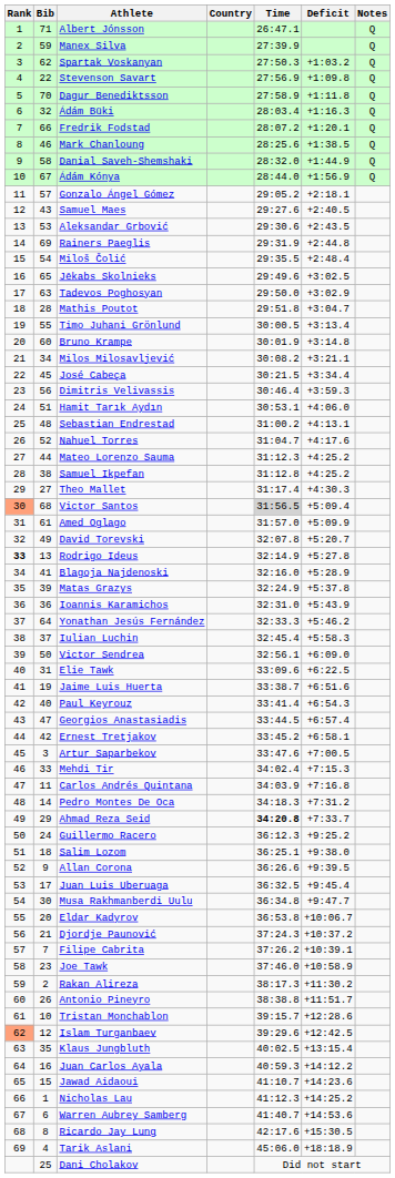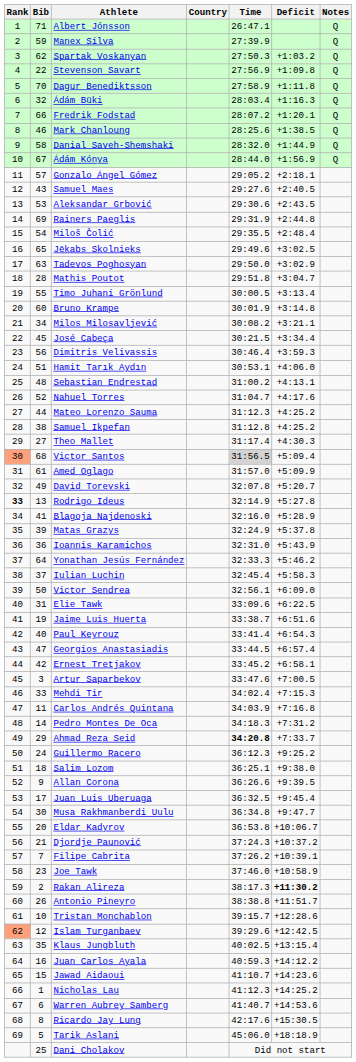 <table class="wikitable sortable" style="text-align:center">
 <tr>
 <th>Rank</th>
 <th>Bib</th>
 <th>Athlete</th>
 <th>Country</th>
 <th>Time</th>
 <th>Deficit</th>
 <th>Notes</th>
 </tr>
 <tr bgcolor=ccffcc>
 <td>1</td>
 <td>71</td>
 <td align=left><a href='#'>Albert Jónsson</a></td>
 <td align=left></td>
 <td>26:47.1</td>
 <td></td>
 <td>Q</td>
 </tr>
 <tr bgcolor=ccffcc>
 <td>2</td>
 <td>59</td>
 <td align=left><a href='#'>Manex Silva</a></td>
 <td align=left></td>
 <td>27:39.9</td>
 <td></td>
 <td>Q</td>
 </tr>
 <tr bgcolor=ccffcc>
 <td>3</td>
 <td>62</td>
 <td align=left><a href='#'>Spartak Voskanyan</a></td>
 <td align=left></td>
 <td>27:50.3</td>
 <td>+1:03.2</td>
 <td>Q</td>
 </tr>
 <tr bgcolor=ccffcc>
 <td>4</td>
 <td>22</td>
 <td align=left><a href='#'>Stevenson Savart</a></td>
 <td align=left></td>
 <td>27:56.9</td>
 <td>+1:09.8</td>
 <td>Q</td>
 </tr>
 <tr bgcolor=ccffcc>
 <td>5</td>
 <td>70</td>
 <td align=left><a href='#'>Dagur Benediktsson</a></td>
 <td align=left></td>
 <td>27:58.9</td>
 <td>+1:11.8</td>
 <td>Q</td>
 </tr>
 <tr bgcolor=ccffcc>
 <td>6</td>
 <td>32</td>
 <td align=left><a href='#'>Ádám Büki</a></td>
 <td align=left></td>
 <td>28:03.4</td>
 <td>+1:16.3</td>
 <td>Q</td>
 </tr>
 <tr bgcolor=ccffcc>
 <td>7</td>
 <td>66</td>
 <td align=left><a href='#'>Fredrik Fodstad</a></td>
 <td align=left></td>
 <td>28:07.2</td>
 <td>+1:20.1</td>
 <td>Q</td>
 </tr>
 <tr bgcolor=ccffcc>
 <td>8</td>
 <td>46</td>
 <td align=left><a href='#'>Mark Chanloung</a></td>
 <td align=left></td>
 <td>28:25.6</td>
 <td>+1:38.5</td>
 <td>Q</td>
 </tr>
 <tr bgcolor=ccffcc>
 <td>9</td>
 <td>58</td>
 <td align=left><a href='#'>Danial Saveh-Shemshaki</a></td>
 <td align=left></td>
 <td>28:32.0</td>
 <td>+1:44.9</td>
 <td>Q</td>
 </tr>
 <tr bgcolor=ccffcc>
 <td>10</td>
 <td>67</td>
 <td align=left><a href='#'>Ádám Kónya</a></td>
 <td align=left></td>
 <td>28:44.0</td>
 <td>+1:56.9</td>
 <td>Q</td>
 </tr>
 <tr>
 <td>11</td>
 <td>57</td>
 <td align=left><a href='#'>Gonzalo Ángel Gómez</a></td>
 <td align=left></td>
 <td>29:05.2</td>
 <td>+2:18.1</td>
 <td></td>
 </tr>
 <tr>
 <td>12</td>
 <td>43</td>
 <td align=left><a href='#'>Samuel Maes</a></td>
 <td align=left></td>
 <td>29:27.6</td>
 <td>+2:40.5</td>
 <td></td>
 </tr>
 <tr>
 <td>13</td>
 <td>53</td>
 <td align=left><a href='#'>Aleksandar Grbović</a></td>
 <td align=left></td>
 <td>29:30.6</td>
 <td>+2:43.5</td>
 <td></td>
 </tr>
 <tr>
 <td>14</td>
 <td>69</td>
 <td align=left><a href='#'>Rainers Paeglis</a></td>
 <td align=left></td>
 <td>29:31.9</td>
 <td>+2:44.8</td>
 <td></td>
 </tr>
 <tr>
 <td>15</td>
 <td>54</td>
 <td align=left><a href='#'>Miloš Čolić</a></td>
 <td align=left></td>
 <td>29:35.5</td>
 <td>+2:48.4</td>
 <td></td>
 </tr>
 <tr>
 <td>16</td>
 <td>65</td>
 <td align=left><a href='#'>Jēkabs Skolnieks</a></td>
 <td align=left></td>
 <td>29:49.6</td>
 <td>+3:02.5</td>
 <td></td>
 </tr>
 <tr>
 <td>17</td>
 <td>63</td>
 <td align=left><a href='#'>Tadevos Poghosyan</a></td>
 <td align=left></td>
 <td>29:50.0</td>
 <td>+3:02.9</td>
 <td></td>
 </tr>
 <tr>
 <td>18</td>
 <td>28</td>
 <td align=left><a href='#'>Mathis Poutot</a></td>
 <td align=left></td>
 <td>29:51.8</td>
 <td>+3:04.7</td>
 <td></td>
 </tr>
 <tr>
 <td>19</td>
 <td>55</td>
 <td align=left><a href='#'>Timo Juhani Grönlund</a></td>
 <td align=left></td>
 <td>30:00.5</td>
 <td>+3:13.4</td>
 <td></td>
 </tr>
 <tr>
 <td>20</td>
 <td>60</td>
 <td align=left><a href='#'>Bruno Krampe</a></td>
 <td align=left></td>
 <td>30:01.9</td>
 <td>+3:14.8</td>
 <td></td>
 </tr>
 <tr>
 <td>21</td>
 <td>34</td>
 <td align=left><a href='#'>Milos Milosavljević</a></td>
 <td align=left></td>
 <td>30:08.2</td>
 <td>+3:21.1</td>
 <td></td>
 </tr>
 <tr>
 <td>22</td>
 <td>45</td>
 <td align=left><a href='#'>José Cabeça</a></td>
 <td align=left></td>
 <td>30:21.5</td>
 <td>+3:34.4</td>
 <td></td>
 </tr>
 <tr>
 <td>23</td>
 <td>56</td>
 <td align=left><a href='#'>Dimitris Velivassis</a></td>
 <td align=left></td>
 <td>30:46.4</td>
 <td>+3:59.3</td>
 <td></td>
 </tr>
 <tr>
 <td>24</td>
 <td>51</td>
 <td align=left><a href='#'>Hamit Tarık Aydın</a></td>
 <td align=left></td>
 <td>30:53.1</td>
 <td>+4:06.0</td>
 <td></td>
 </tr>
 <tr>
 <td>25</td>
 <td>48</td>
 <td align=left><a href='#'>Sebastian Endrestad</a></td>
 <td align=left></td>
 <td>31:00.2</td>
 <td>+4:13.1</td>
 <td></td>
 </tr>
 <tr>
 <td>26</td>
 <td>52</td>
 <td align=left><a href='#'>Nahuel Torres</a></td>
 <td align=left></td>
 <td>31:04.7</td>
 <td>+4:17.6</td>
 <td></td>
 </tr>
 <tr>
 <td>27</td>
 <td>44</td>
 <td align=left><a href='#'>Mateo Lorenzo Sauma</a></td>
 <td align=left></td>
 <td>31:12.3</td>
 <td>+4:25.2</td>
 <td></td>
 </tr>
 <tr>
 <td>28</td>
 <td>38</td>
 <td align=left><a href='#'>Samuel Ikpefan</a></td>
 <td align=left></td>
 <td>31:12.8</td>
 <td>+4:25.2</td>
 <td></td>
 </tr>
 <tr>
 <td>29</td>
 <td>27</td>
 <td align=left><a href='#'>Theo Mallet</a></td>
 <td align=left></td>
 <td>31:17.4</td>
 <td>+4:30.3</td>
 <td></td>
 </tr>
 <tr>
 <td style="background: lightsalmon;">30</td>
 <td>68</td>
 <td align=left><a href='#'>Victor Santos</a></td>
 <td align=left></td>
 <td style="background: lightgrey;">31:56.5</td>
 <td>+5:09.4</td>
 <td></td>
 </tr>
 <tr>
 <td>31</td>
 <td>61</td>
 <td align=left><a href='#'>Amed Oglago</a></td>
 <td align=left></td>
 <td>31:57.0</td>
 <td>+5:09.9</td>
 <td></td>
 </tr>
 <tr>
 <td>32</td>
 <td>49</td>
 <td align=left><a href='#'>David Torevski</a></td>
 <td align=left></td>
 <td>32:07.8</td>
 <td>+5:20.7</td>
 <td></td>
 </tr>
 <tr>
 <td><strong>33</strong></td>
 <td>13</td>
 <td align=left><a href='#'>Rodrigo Ideus</a></td>
 <td align=left></td>
 <td>32:14.9</td>
 <td>+5:27.8</td>
 <td></td>
 </tr>
 <tr>
 <td>34</td>
 <td>41</td>
 <td align=left><a href='#'>Blagoja Najdenoski</a></td>
 <td align=left></td>
 <td>32:16.0</td>
 <td>+5:28.9</td>
 <td></td>
 </tr>
 <tr>
 <td>35</td>
 <td>39</td>
 <td align=left><a href='#'>Matas Grazys</a></td>
 <td align=left></td>
 <td>32:24.9</td>
 <td>+5:37.8</td>
 <td></td>
 </tr>
 <tr>
 <td>36</td>
 <td>36</td>
 <td align=left><a href='#'>Ioannis Karamichos</a></td>
 <td align=left></td>
 <td>32:31.0</td>
 <td>+5:43.9</td>
 <td></td>
 </tr>
 <tr>
 <td>37</td>
 <td>64</td>
 <td align=left><a href='#'>Yonathan Jesús Fernández</a></td>
 <td align=left></td>
 <td>32:33.3</td>
 <td>+5:46.2</td>
 <td></td>
 </tr>
 <tr>
 <td>38</td>
 <td>37</td>
 <td align=left><a href='#'>Iulian Luchin</a></td>
 <td align=left></td>
 <td>32:45.4</td>
 <td>+5:58.3</td>
 <td></td>
 </tr>
 <tr>
 <td>39</td>
 <td>50</td>
 <td align=left><a href='#'>Victor Sendrea</a></td>
 <td align=left></td>
 <td>32:56.1</td>
 <td>+6:09.0</td>
 <td></td>
 </tr>
 <tr>
 <td>40</td>
 <td>31</td>
 <td align=left><a href='#'>Elie Tawk</a></td>
 <td align=left></td>
 <td>33:09.6</td>
 <td>+6:22.5</td>
 <td></td>
 </tr>
 <tr>
 <td>41</td>
 <td>19</td>
 <td align=left><a href='#'>Jaime Luis Huerta</a></td>
 <td align=left></td>
 <td>33:38.7</td>
 <td>+6:51.6</td>
 <td></td>
 </tr>
 <tr>
 <td>42</td>
 <td>40</td>
 <td align=left><a href='#'>Paul Keyrouz</a></td>
 <td align=left></td>
 <td>33:41.4</td>
 <td>+6:54.3</td>
 <td></td>
 </tr>
 <tr>
 <td>43</td>
 <td>47</td>
 <td align=left><a href='#'>Georgios Anastasiadis</a></td>
 <td align=left></td>
 <td>33:44.5</td>
 <td>+6:57.4</td>
 <td></td>
 </tr>
 <tr>
 <td>44</td>
 <td>42</td>
 <td align=left><a href='#'>Ernest Tretjakov</a></td>
 <td align=left></td>
 <td>33:45.2</td>
 <td>+6:58.1</td>
 <td></td>
 </tr>
 <tr>
 <td>45</td>
 <td>3</td>
 <td align=left><a href='#'>Artur Saparbekov</a></td>
 <td align=left></td>
 <td>33:47.6</td>
 <td>+7:00.5</td>
 <td></td>
 </tr>
 <tr>
 <td>46</td>
 <td>33</td>
 <td align=left><a href='#'>Mehdi Tir</a></td>
 <td align=left></td>
 <td>34:02.4</td>
 <td>+7:15.3</td>
 <td></td>
 </tr>
 <tr>
 <td>47</td>
 <td>11</td>
 <td align=left><a href='#'>Carlos Andrés Quintana</a></td>
 <td align=left></td>
 <td>34:03.9</td>
 <td>+7:16.8</td>
 <td></td>
 </tr>
 <tr>
 <td>48</td>
 <td>14</td>
 <td align=left><a href='#'>Pedro Montes De Oca</a></td>
 <td align=left></td>
 <td>34:18.3</td>
 <td>+7:31.2</td>
 <td></td>
 </tr>
 <tr>
 <td>49</td>
 <td>29</td>
 <td align=left><a href='#'>Ahmad Reza Seid</a></td>
 <td align=left></td>
 <td><strong>34:20.8</strong></td>
 <td>+7:33.7</td>
 <td></td>
 </tr>
 <tr>
 <td>50</td>
 <td>24</td>
 <td align=left><a href='#'>Guillermo Racero</a></td>
 <td align=left></td>
 <td>36:12.3</td>
 <td>+9:25.2</td>
 <td></td>
 </tr>
 <tr>
 <td>51</td>
 <td>18</td>
 <td align=left><a href='#'>Salim Lozom</a></td>
 <td align=left></td>
 <td>36:25.1</td>
 <td>+9:38.0</td>
 <td></td>
 </tr>
 <tr>
 <td>52</td>
 <td>9</td>
 <td align=left><a href='#'>Allan Corona</a></td>
 <td align=left></td>
 <td>36:26.6</td>
 <td>+9:39.5</td>
 <td></td>
 </tr>
 <tr>
 <td>53</td>
 <td>17</td>
 <td align=left><a href='#'>Juan Luis Uberuaga</a></td>
 <td align=left></td>
 <td>36:32.5</td>
 <td>+9:45.4</td>
 <td></td>
 </tr>
 <tr>
 <td>54</td>
 <td>30</td>
 <td align=left><a href='#'>Musa Rakhmanberdi Uulu</a></td>
 <td align=left></td>
 <td>36:34.8</td>
 <td>+9:47.7</td>
 <td></td>
 </tr>
 <tr>
 <td>55</td>
 <td>20</td>
 <td align=left><a href='#'>Eldar Kadyrov</a></td>
 <td align=left></td>
 <td>36:53.8</td>
 <td>+10:06.7</td>
 <td></td>
 </tr>
 <tr>
 <td>56</td>
 <td>21</td>
 <td align=left><a href='#'>Djordje Paunović</a></td>
 <td align=left></td>
 <td>37:24.3</td>
 <td>+10:37.2</td>
 <td></td>
 </tr>
 <tr>
 <td>57</td>
 <td>7</td>
 <td align=left><a href='#'>Filipe Cabrita</a></td>
 <td align=left></td>
 <td>37:26.2</td>
 <td>+10:39.1</td>
 <td></td>
 </tr>
 <tr>
 <td>58</td>
 <td>23</td>
 <td align=left><a href='#'>Joe Tawk</a></td>
 <td align=left></td>
 <td>37:46.0</td>
 <td>+10:58.9</td>
 <td></td>
 </tr>
 <tr>
 <td>59</td>
 <td>2</td>
 <td align=left><a href='#'>Rakan Alireza</a></td>
 <td align=left></td>
 <td>38:17.3</td>
-<td>+11:30.2</td>
+<td><strong>+11:30.2</strong></td>
 <td></td>
 </tr>
 <tr>
 <td>60</td>
 <td>26</td>
 <td align=left><a href='#'>Antonio Pineyro</a></td>
 <td align=left></td>
 <td>38:38.8</td>
 <td>+11:51.7</td>
 <td></td>
 </tr>
 <tr>
 <td>61</td>
 <td>10</td>
 <td align=left><a href='#'>Tristan Monchablon</a></td>
 <td align=left></td>
 <td>39:15.7</td>
 <td>+12:28.6</td>
 <td></td>
 </tr>
 <tr>
 <td style="background: lightsalmon;">62</td>
 <td>12</td>
 <td align=left><a href='#'>Islam Turganbaev</a></td>
 <td align=left></td>
 <td>39:29.6</td>
 <td>+12:42.5</td>
 <td></td>
 </tr>
 <tr>
 <td>63</td>
 <td>35</td>
 <td align=left><a href='#'>Klaus Jungbluth</a></td>
 <td align=left></td>
 <td>40:02.5</td>
 <td>+13:15.4</td>
 <td></td>
 </tr>
 <tr>
 <td>64</td>
 <td>16</td>
 <td align=left><a href='#'>Juan Carlos Ayala</a></td>
 <td align=left></td>
 <td>40:59.3</td>
 <td>+14:12.2</td>
 <td></td>
 </tr>
 <tr>
 <td>65</td>
 <td>15</td>
 <td align=left><a href='#'>Jawad Aidaoui</a></td>
 <td align=left></td>
 <td>41:10.7</td>
 <td>+14:23.6</td>
 <td></td>
 </tr>
 <tr>
 <td>66</td>
 <td>1</td>
 <td align=left><a href='#'>Nicholas Lau</a></td>
 <td align=left></td>
 <td>41:12.3</td>
 <td>+14:25.2</td>
 <td></td>
 </tr>
 <tr>
 <td>67</td>
 <td>6</td>
 <td align=left><a href='#'>Warren Aubrey Samberg</a></td>
 <td align=left></td>
 <td>41:40.7</td>
 <td>+14:53.6</td>
 <td></td>
 </tr>
 <tr>
 <td>68</td>
 <td>8</td>
 <td align=left><a href='#'>Ricardo Jay Lung</a></td>
 <td align=left></td>
 <td>42:17.6</td>
 <td>+15:30.5</td>
 <td></td>
 </tr>
 <tr>
 <td>69</td>
-<td>4</td>
+<td>5</td>
 <td align=left><a href='#'>Tarik Aslani</a></td>
 <td align=left></td>
 <td>45:06.0</td>
 <td>+18:18.9</td>
 <td></td>
 </tr>
 <tr>
 <td></td>
 <td>25</td>
 <td align=left><a href='#'>Dani Cholakov</a></td>
 <td align=left></td>
 <td colspan=3>Did not start</td>
 </tr>
 </table>
